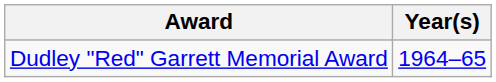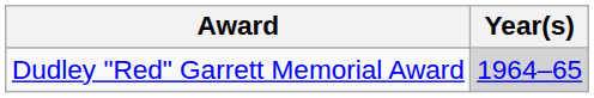 <table class="wikitable">
 <tr>
 <th>Award</th>
 <th>Year(s)</th>
 </tr>
 <tr>
 <td><a href='#'>Dudley "Red" Garrett Memorial Award</a></td>
-<td><a href='#'>1964–65</a></td>
+<td style="background: lightgrey;"><a href='#'>1964–65</a></td>
 </tr>
 </table>
